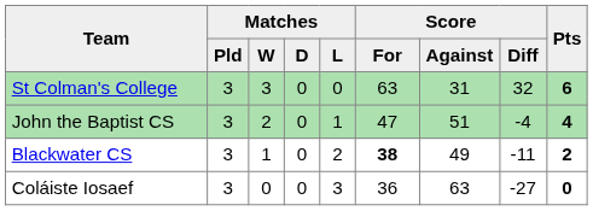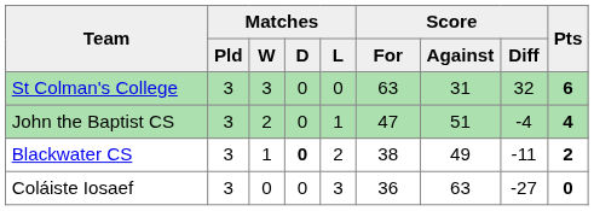 <table style=border-collapse:collapse border=1 cellspacing=0 cellpadding=5>
 <tr align=center bgcolor=#efefef>
 <th rowspan=2 width=165>Team</th>
 <th colspan=4>Matches</th>
 <th colspan=3>Score</th>
 <th rowspan=2width=20>Pts</th>
 </tr>
 <tr align=center bgcolor=#efefef>
 <th width=20>Pld</th>
 <th width=20>W</th>
 <th width=20>D</th>
 <th width=20>L</th>
 <th width=45>For</th>
 <th width=45>Against</th>
 <th width=30>Diff</th>
 </tr>
 <tr align=center style="background:#ACE1AF;">
 <td style="text-align:left;"><a href='#'>St Colman's College</a></td>
 <td>3</td>
 <td>3</td>
 <td>0</td>
 <td>0</td>
 <td>63</td>
 <td>31</td>
 <td>32</td>
 <td><strong>6</strong></td>
 </tr>
 <tr align=center style="background:#ACE1AF;">
 <td style="text-align:left;">John the Baptist CS</td>
 <td>3</td>
 <td>2</td>
 <td>0</td>
 <td>1</td>
 <td>47</td>
 <td>51</td>
 <td>-4</td>
 <td><strong>4</strong></td>
 </tr>
 <tr align=center>
 <td style="text-align:left;"><a href='#'>Blackwater CS</a></td>
 <td>3</td>
 <td>1</td>
-<td>0</td>
+<td><strong>0</strong></td>
 <td>2</td>
-<td><strong>38</strong></td>
+<td>38</td>
 <td>49</td>
 <td>-11</td>
 <td><strong>2</strong></td>
 </tr>
 <tr align=center>
 <td style="text-align:left;">Coláiste Iosaef</td>
 <td>3</td>
 <td>0</td>
 <td>0</td>
 <td>3</td>
 <td>36</td>
 <td>63</td>
 <td>-27</td>
 <td><strong>0</strong></td>
 </tr>
 </table>
